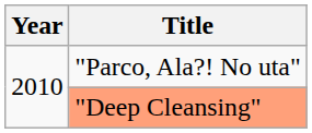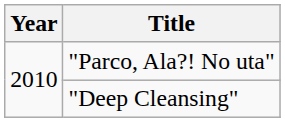 <table class="wikitable sortable">
 <tr>
 <th>Year</th>
 <th>Title</th>
 </tr>
 <tr>
 <td rowspan="2">2010</td>
 <td>"Parco, Ala?! No uta"</td>
 </tr>
 <tr>
-<td style="background: lightsalmon;">"Deep Cleansing"</td>
+<td>"Deep Cleansing"</td>
 </tr>
 </table>
